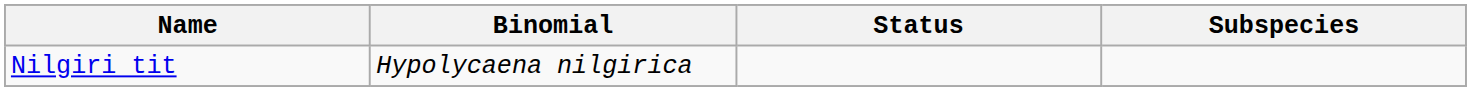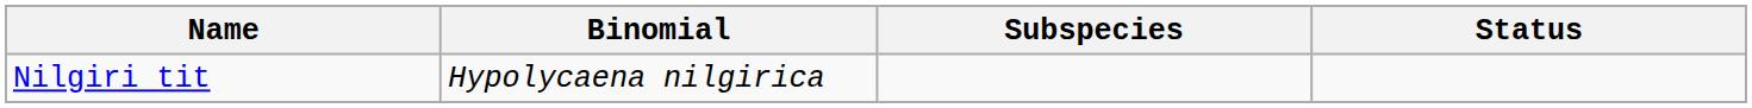 <table width=60% class="wikitable">
 <tr>
 <th width=20%>Name</th>
 <th width=20%>Binomial</th>
+<th width=20%>Subspecies</th>
 <th width=20%>Status</th>
-<th width=20%>Subspecies</th>
 </tr>
 <tr>
 <td><a href='#'>Nilgiri tit</a><br> </td>
 <td><em>Hypolycaena nilgirica</em></td>
 <td></td>
 <td></td>
 </tr>
 </table>
